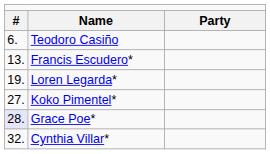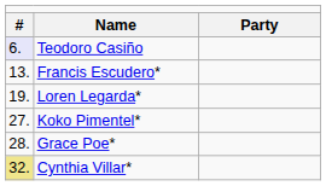 <table class=wikitable style="font-size:90%">
 <tr>
 <td colspan=4 bgcolor=></td>
 </tr>
 <tr>
 <th>#</th>
 <th width=150px>Name</th>
 <th colspan=2 width=110px>Party</th>
 </tr>
 <tr>
-<td>6.</td>
+<td style="background: lavender;">6.</td>
 <td><a href='#'>Teodoro Casiño</a></td>
 <td></td>
 </tr>
 <tr>
 <td>13.</td>
 <td><a href='#'>Francis Escudero</a>*</td>
 <td></td>
 </tr>
 <tr>
 <td>19.</td>
 <td><a href='#'>Loren Legarda</a>*</td>
 <td></td>
 </tr>
 <tr>
 <td>27.</td>
 <td><a href='#'>Koko Pimentel</a>*</td>
 <td></td>
 </tr>
 <tr>
-<td style="background: lavender;">28.</td>
+<td>28.</td>
 <td><a href='#'>Grace Poe</a>*</td>
 <td></td>
 </tr>
 <tr>
-<td>32.</td>
+<td style="background: khaki;">32.</td>
 <td><a href='#'>Cynthia Villar</a>*</td>
 <td></td>
 </tr>
 </table>
